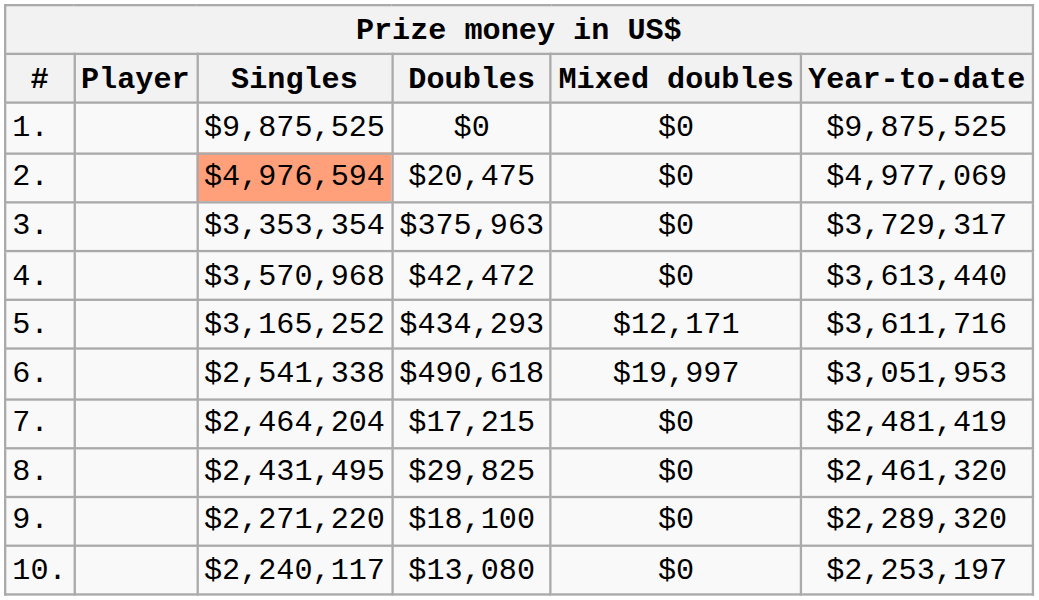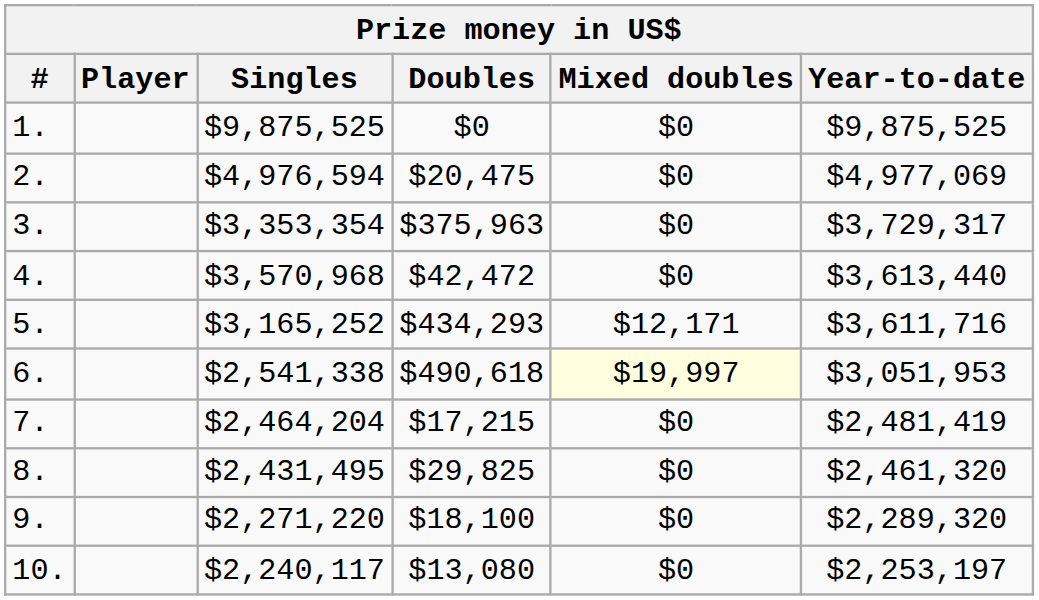 <table class="wikitable">
 <tr>
 <th colspan="6">Prize money in US$ </th>
 </tr>
 <tr>
 <th>#</th>
 <th>Player</th>
 <th>Singles</th>
 <th>Doubles</th>
 <th>Mixed doubles</th>
 <th>Year-to-date</th>
 </tr>
 <tr>
 <td>1.</td>
 <td></td>
 <td style="text-align:center">$9,875,525</td>
 <td style="text-align:center">$0</td>
 <td style="text-align:center">$0</td>
 <td style="text-align:center">$9,875,525</td>
 </tr>
 <tr>
 <td>2.</td>
 <td></td>
-<td style="background: lightsalmon; text-align:center">$4,976,594</td>
+<td style="text-align:center">$4,976,594</td>
 <td style="text-align:center">$20,475</td>
 <td style="text-align:center">$0</td>
 <td style="text-align:center">$4,977,069</td>
 </tr>
 <tr>
 <td>3.</td>
 <td></td>
 <td style="text-align:center">$3,353,354</td>
 <td style="text-align:center">$375,963</td>
 <td style="text-align:center">$0</td>
 <td style="text-align:center">$3,729,317</td>
 </tr>
 <tr>
 <td>4.</td>
 <td></td>
 <td style="text-align:center">$3,570,968</td>
 <td style="text-align:center">$42,472</td>
 <td style="text-align:center">$0</td>
 <td style="text-align:center">$3,613,440</td>
 </tr>
 <tr>
 <td>5.</td>
 <td></td>
 <td style="text-align:center">$3,165,252</td>
 <td style="text-align:center">$434,293</td>
 <td style="text-align:center">$12,171</td>
 <td style="text-align:center">$3,611,716</td>
 </tr>
 <tr>
 <td>6.</td>
 <td></td>
 <td style="text-align:center">$2,541,338</td>
 <td style="text-align:center">$490,618</td>
-<td style="text-align:center">$19,997</td>
+<td style="background: lightyellow; text-align:center">$19,997</td>
 <td style="text-align:center">$3,051,953</td>
 </tr>
 <tr>
 <td>7.</td>
 <td></td>
 <td style="text-align:center">$2,464,204</td>
 <td style="text-align:center">$17,215</td>
 <td style="text-align:center">$0</td>
 <td style="text-align:center">$2,481,419</td>
 </tr>
 <tr>
 <td>8.</td>
 <td></td>
 <td style="text-align:center">$2,431,495</td>
 <td style="text-align:center">$29,825</td>
 <td style="text-align:center">$0</td>
 <td style="text-align:center">$2,461,320</td>
 </tr>
 <tr>
 <td>9.</td>
 <td></td>
 <td style="text-align:center">$2,271,220</td>
 <td style="text-align:center">$18,100</td>
 <td style="text-align:center">$0</td>
 <td style="text-align:center">$2,289,320</td>
 </tr>
 <tr>
 <td>10.</td>
 <td></td>
 <td style="text-align:center">$2,240,117</td>
 <td style="text-align:center">$13,080</td>
 <td style="text-align:center">$0</td>
 <td style="text-align:center">$2,253,197</td>
 </tr>
 </table>
